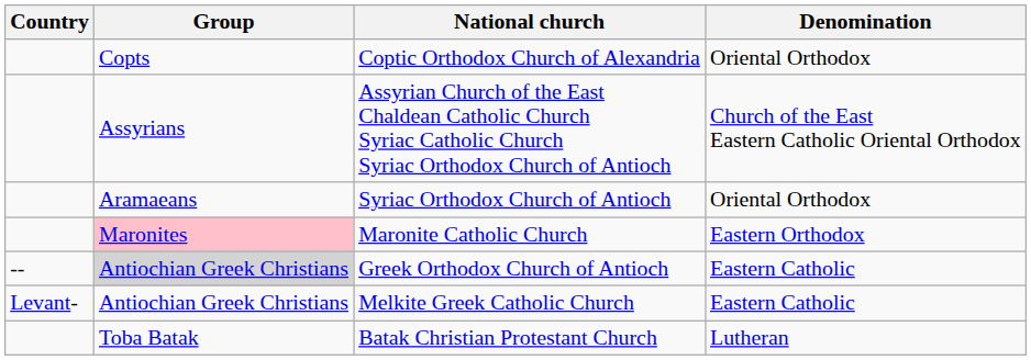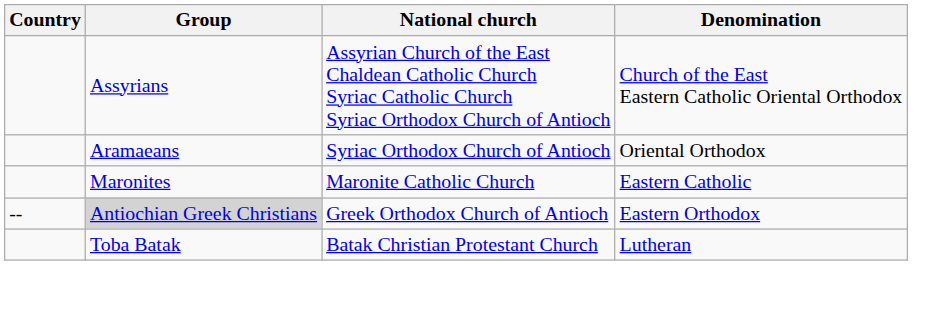 <table class="sortable wikitable">
 <tr>
 <th>Country</th>
 <th>Group</th>
 <th>National church</th>
 <th>Denomination</th>
-</tr>
-<tr>
-<td></td>
-<td><a href='#'>Copts</a></td>
-<td><a href='#'>Coptic Orthodox Church of Alexandria</a></td>
-<td>Oriental Orthodox</td>
 </tr>
 <tr>
 <td></td>
 <td><a href='#'>Assyrians</a></td>
 <td><a href='#'>Assyrian Church of the East</a><br><a href='#'>Chaldean Catholic Church</a><br><a href='#'>Syriac Catholic Church</a><br><a href='#'>Syriac Orthodox Church of Antioch</a></td>
 <td><a href='#'>Church of the East</a><br>Eastern Catholic Oriental Orthodox</td>
 </tr>
 <tr>
 <td></td>
 <td><a href='#'>Aramaeans</a></td>
 <td><a href='#'>Syriac Orthodox Church of Antioch</a></td>
 <td>Oriental Orthodox</td>
 </tr>
 <tr>
 <td></td>
-<td style="background: pink;"><a href='#'>Maronites</a></td>
+<td><a href='#'>Maronites</a></td>
 <td><a href='#'>Maronite Catholic Church</a></td>
-<td><a href='#'>Eastern Orthodox</a></td>
+<td><a href='#'>Eastern Catholic</a></td>
 </tr>
 <tr>
 <td>--</td>
 <td style="background: lightgrey;"><a href='#'>Antiochian Greek Christians</a></td>
 <td><a href='#'>Greek Orthodox Church of Antioch</a></td>
-<td><a href='#'>Eastern Catholic</a></td>
-</tr>
-<tr>
-<td><a href='#'>Levant</a>-</td>
-<td><a href='#'>Antiochian Greek Christians</a></td>
-<td><a href='#'>Melkite Greek Catholic Church</a></td>
-<td><a href='#'>Eastern Catholic</a></td>
+<td><a href='#'>Eastern Orthodox</a></td>
 </tr>
 <tr>
 <td></td>
 <td><a href='#'>Toba Batak</a></td>
 <td><a href='#'>Batak Christian Protestant Church</a></td>
 <td><a href='#'>Lutheran</a></td>
 </tr>
 </table>
